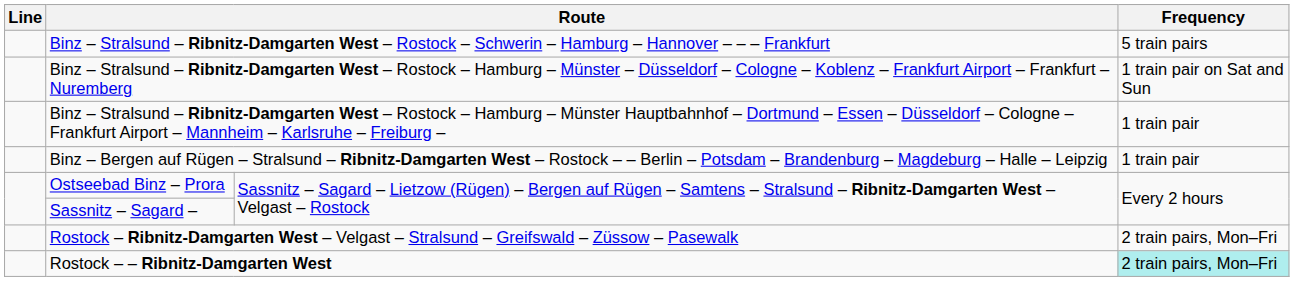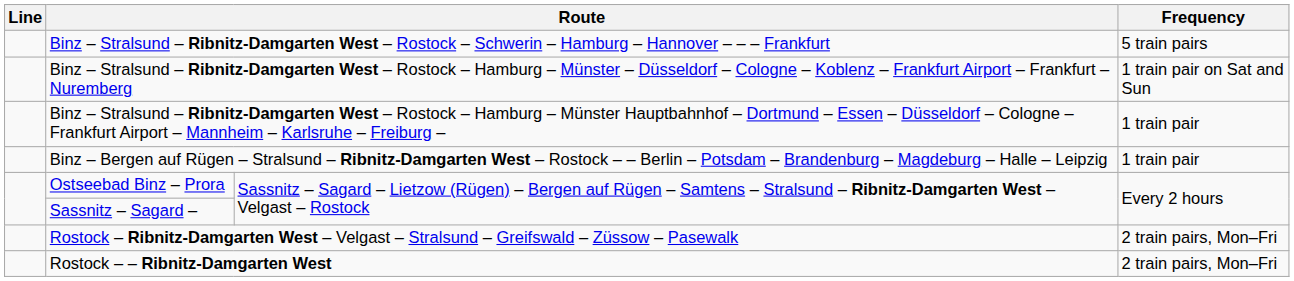 <table class="wikitable">
 <tr>
 <th>Line</th>
 <th colspan="2">Route</th>
 <th>Frequency</th>
 </tr>
 <tr>
 <td></td>
 <td colspan="2"><a href='#'>Binz</a> – <a href='#'>Stralsund</a> – <strong>Ribnitz-Damgarten West</strong> – <a href='#'>Rostock</a> – <a href='#'>Schwerin</a> – <a href='#'>Hamburg</a> – <a href='#'>Hannover</a> –  –  – <a href='#'>Frankfurt</a></td>
 <td>5 train pairs</td>
 </tr>
 <tr>
 <td></td>
 <td colspan="2">Binz – Stralsund – <strong>Ribnitz-Damgarten West</strong> – Rostock – Hamburg – <a href='#'>Münster</a> – <a href='#'>Düsseldorf</a> – <a href='#'>Cologne</a> – <a href='#'>Koblenz</a> – <a href='#'>Frankfurt Airport</a> – Frankfurt – <a href='#'>Nuremberg</a></td>
 <td>1 train pair on Sat and Sun</td>
 </tr>
 <tr>
 <td></td>
 <td colspan="2">Binz – Stralsund – <strong>Ribnitz-Damgarten West</strong> – Rostock – Hamburg – Münster Hauptbahnhof – <a href='#'>Dortmund</a> – <a href='#'>Essen</a> – <a href='#'>Düsseldorf</a> – Cologne – Frankfurt Airport – <a href='#'>Mannheim</a> – <a href='#'>Karlsruhe</a> – <a href='#'>Freiburg</a> – </td>
 <td>1 train pair</td>
 </tr>
 <tr>
 <td></td>
 <td colspan="2">Binz – Bergen auf Rügen – Stralsund – <strong>Ribnitz-Damgarten West</strong> – Rostock –  – Berlin – <a href='#'>Potsdam</a> – <a href='#'>Brandenburg</a> – <a href='#'>Magdeburg</a> – Halle – Leipzig</td>
 <td>1 train pair</td>
 </tr>
 <tr>
 <td rowspan="2"></td>
 <td><a href='#'>Ostseebad Binz</a> – <a href='#'>Prora</a></td>
 <td rowspan="2"><a href='#'>Sassnitz</a> – <a href='#'>Sagard</a> – <a href='#'>Lietzow (Rügen)</a> – <a href='#'>Bergen auf Rügen</a> – <a href='#'>Samtens</a> – <a href='#'>Stralsund</a> – <strong>Ribnitz-Damgarten West</strong> – Velgast – <a href='#'>Rostock</a></td>
 <td rowspan="2">Every 2 hours</td>
 </tr>
 <tr>
 <td><a href='#'>Sassnitz</a> – <a href='#'>Sagard</a> –</td>
 </tr>
 <tr>
 <td></td>
 <td colspan="2"><a href='#'>Rostock</a> – <strong>Ribnitz-Damgarten West</strong> – Velgast – <a href='#'>Stralsund</a> – <a href='#'>Greifswald</a> – <a href='#'>Züssow</a> – <a href='#'>Pasewalk</a></td>
 <td>2 train pairs, Mon–Fri</td>
 </tr>
 <tr>
 <td></td>
 <td colspan="2">Rostock  –  – <strong>Ribnitz-Damgarten West</strong></td>
-<td style="background: paleturquoise;">2 train pairs, Mon–Fri</td>
+<td>2 train pairs, Mon–Fri</td>
 </tr>
 </table>
